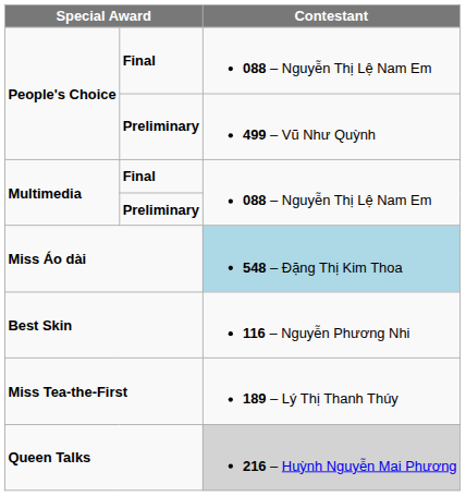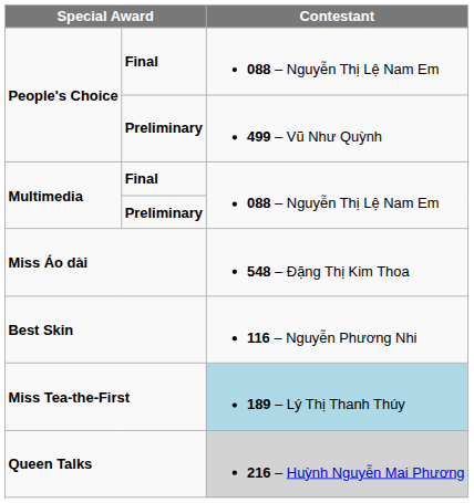 <table class="wikitable sortable" style="font-size: 95%;">
 <tr>
 <th colspan="2" style="background-color:#787878;color:#FFFFFF;">Special Award</th>
 <th style="background-color:#787878;color:#FFFFFF;">Contestant</th>
 </tr>
 <tr>
 <td rowspan="2"><strong>People's Choice</strong></td>
 <td><strong>Final</strong></td>
 <td><br><ul><li><strong>088</strong> – Nguyễn Thị Lệ Nam Em</li></ul></td>
 </tr>
 <tr>
 <td><strong>Preliminary</strong></td>
 <td><br><ul><li><strong>499</strong> – Vũ Như Quỳnh</li></ul></td>
 </tr>
 <tr>
 <td rowspan="2"><strong>Multimedia</strong></td>
 <td><strong>Final</strong></td>
 <td rowspan="2"><br><ul><li><strong>088</strong> – Nguyễn Thị Lệ Nam Em</li></ul></td>
 </tr>
 <tr>
 <td><strong>Preliminary</strong></td>
 </tr>
 <tr>
 <td colspan="2"><strong>Miss Áo dài</strong></td>
-<td style="background: lightblue;"><br><ul><li><strong>548</strong> – Đặng Thị Kim Thoa</li></ul></td>
+<td><br><ul><li><strong>548</strong> – Đặng Thị Kim Thoa</li></ul></td>
 </tr>
 <tr>
 <td colspan="2"><strong>Best Skin</strong></td>
 <td><br><ul><li><strong>116</strong> – Nguyễn Phương Nhi</li></ul></td>
 </tr>
 <tr>
 <td colspan="2"><strong>Miss Tea-the-First</strong></td>
-<td><br><ul><li><strong>189</strong> – Lý Thị Thanh Thúy</li></ul></td>
+<td style="background: lightblue;"><br><ul><li><strong>189</strong> – Lý Thị Thanh Thúy</li></ul></td>
 </tr>
 <tr>
 <td colspan="2"><strong>Queen Talks</strong></td>
 <td style="background: lightgrey;"><br><ul><li><strong>216</strong> – <a href='#'>Huỳnh Nguyễn Mai Phương</a></li></ul></td>
 </tr>
 </table>
